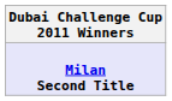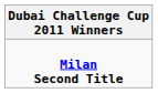 <table class="wikitable" style="text-align: center; margin: 0 auto;">
 <tr>
 <th>Dubai Challenge Cup<br>2011 Winners</th>
 </tr>
 <tr>
-<td style="background: lavender;"><br><strong><a href='#'>Milan</a></strong><br><strong>Second Title</strong></td>
+<td><br><strong><a href='#'>Milan</a></strong><br><strong>Second Title</strong></td>
 </tr>
 </table>
